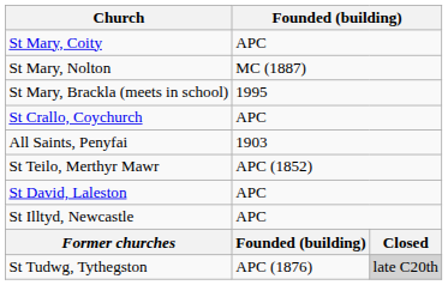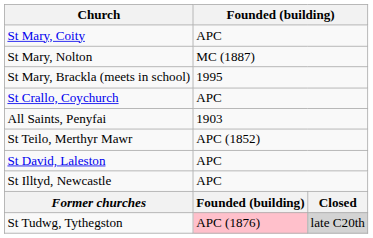 <table class="wikitable">
 <tr>
 <th>Church</th>
 <th colspan="2">Founded (building)</th>
 </tr>
 <tr>
 <td><a href='#'>St Mary, Coity</a></td>
 <td colspan="2">APC</td>
 </tr>
 <tr>
 <td>St Mary, Nolton</td>
 <td colspan="2">MC (1887)</td>
 </tr>
 <tr>
 <td>St Mary, Brackla (meets in school)</td>
 <td colspan="2">1995</td>
 </tr>
 <tr>
 <td><a href='#'>St Crallo, Coychurch</a></td>
 <td colspan="2">APC</td>
 </tr>
 <tr>
 <td>All Saints, Penyfai</td>
 <td colspan="2">1903</td>
 </tr>
 <tr>
 <td>St Teilo, Merthyr Mawr</td>
 <td colspan="2">APC (1852)</td>
 </tr>
 <tr>
 <td><a href='#'>St David, Laleston</a></td>
 <td colspan="2">APC</td>
 </tr>
 <tr>
 <td>St Illtyd, Newcastle</td>
 <td colspan="2">APC</td>
 </tr>
 <tr>
 <th><em>Former churches</em></th>
 <th>Founded (building)</th>
 <th>Closed</th>
 </tr>
 <tr>
 <td>St Tudwg, Tythegston</td>
-<td>APC (1876)</td>
+<td style="background: pink;">APC (1876)</td>
 <td style="background: lightgrey;">late C20th</td>
 </tr>
 </table>
